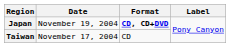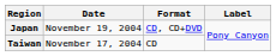 <table class="wikitable plainrowheaders">
 <tr>
 <th scope="col">Region</th>
 <th scope="col">Date</th>
 <th scope="col">Format</th>
 <th scope="col">Label</th>
 </tr>
 <tr>
 <th scope="row">Japan</th>
 <td>November 19, 2004</td>
-<td><strong><a href='#'>CD</a>, CD+<a href='#'>DVD</a></strong></td>
+<td><a href='#'>CD</a>, CD+<a href='#'>DVD</a></td>
 <td rowspan="2"><a href='#'>Pony Canyon</a></td>
 </tr>
 <tr>
 <th scope="row">Taiwan</th>
 <td>November 17, 2004</td>
 <td>CD</td>
 </tr>
 </table>
